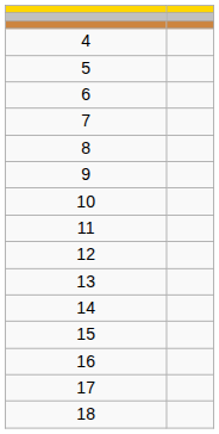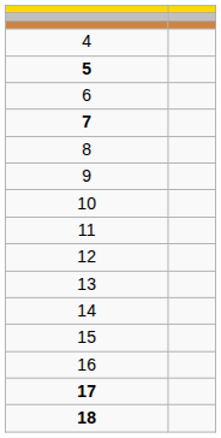 <table class="wikitable" style="width:200px;">
 <tr style="background:gold;">
 <td align=center></td>
 <td></td>
 </tr>
 <tr style="background:silver;">
 <td align=center></td>
 <td></td>
 </tr>
 <tr style="background:peru;">
 <td align=center></td>
 <td></td>
 </tr>
 <tr>
 <td align=center>4</td>
 <td></td>
 </tr>
 <tr>
-<td align=center>5</td>
+<td align=center><strong>5</strong></td>
 <td></td>
 </tr>
 <tr>
 <td align=center>6</td>
 <td></td>
 </tr>
 <tr>
-<td align=center>7</td>
+<td align=center><strong>7</strong></td>
 <td></td>
 </tr>
 <tr>
 <td align=center>8</td>
 <td></td>
 </tr>
 <tr>
 <td align=center>9</td>
 <td></td>
 </tr>
 <tr>
 <td align=center>10</td>
 <td></td>
 </tr>
 <tr>
 <td align=center>11</td>
 <td></td>
 </tr>
 <tr>
 <td align=center>12</td>
 <td></td>
 </tr>
 <tr>
 <td align=center>13</td>
 <td></td>
 </tr>
 <tr>
 <td align=center>14</td>
 <td></td>
 </tr>
 <tr>
 <td align=center>15</td>
 <td></td>
 </tr>
 <tr>
 <td align=center>16</td>
 <td></td>
 </tr>
 <tr>
-<td align=center>17</td>
+<td align=center><strong>17</strong></td>
 <td></td>
 </tr>
 <tr>
-<td align=center>18</td>
+<td align=center><strong>18</strong></td>
 <td></td>
 </tr>
 </table>
